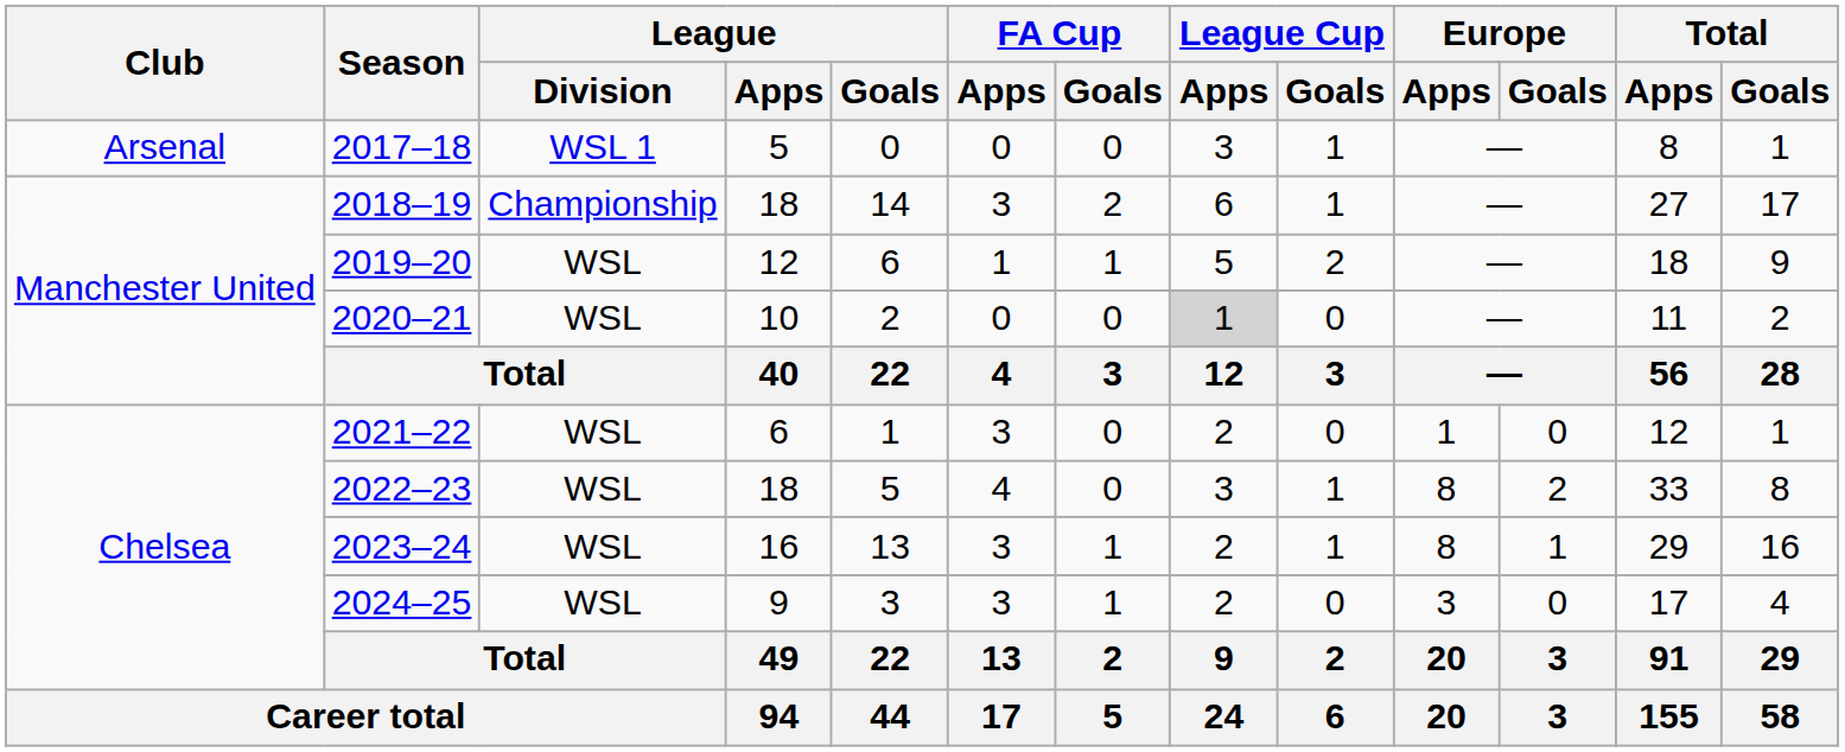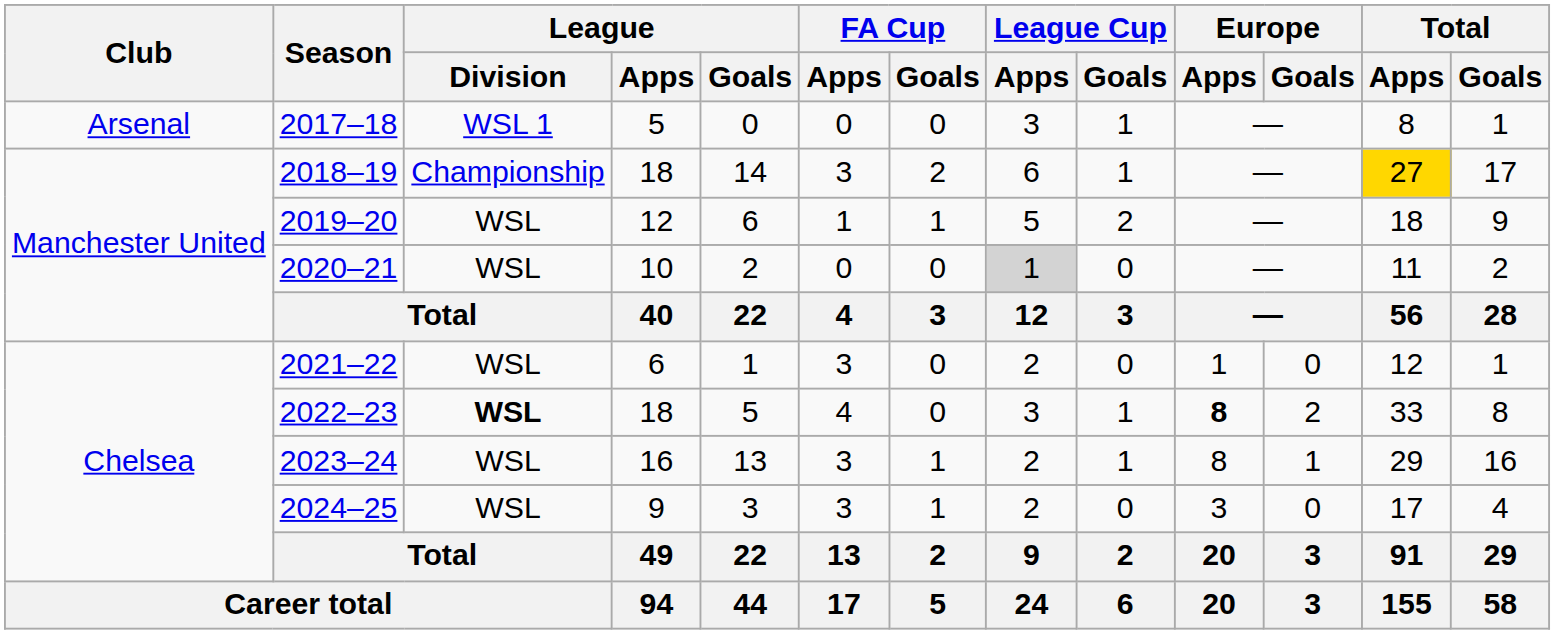 <table class="wikitable" style="text-align:center">
 <tr>
 <th rowspan="2">Club</th>
 <th rowspan="2">Season</th>
 <th colspan="3">League</th>
 <th colspan="2"><a href='#'>FA Cup</a></th>
 <th colspan="2"><a href='#'>League Cup</a></th>
 <th colspan="2">Europe</th>
 <th colspan="2">Total</th>
 </tr>
 <tr>
 <th>Division</th>
 <th>Apps</th>
 <th>Goals</th>
 <th>Apps</th>
 <th>Goals</th>
 <th>Apps</th>
 <th>Goals</th>
 <th>Apps</th>
 <th>Goals</th>
 <th>Apps</th>
 <th>Goals</th>
 </tr>
 <tr>
 <td><a href='#'>Arsenal</a></td>
 <td><a href='#'>2017–18</a></td>
 <td><a href='#'>WSL 1</a></td>
 <td>5</td>
 <td>0</td>
 <td>0</td>
 <td>0</td>
 <td>3</td>
 <td>1</td>
 <td colspan="2">—</td>
 <td>8</td>
 <td>1</td>
 </tr>
 <tr>
 <td rowspan="4"><a href='#'>Manchester United</a></td>
 <td><a href='#'>2018–19</a></td>
 <td><a href='#'>Championship</a></td>
 <td>18</td>
 <td>14</td>
 <td>3</td>
 <td>2</td>
 <td>6</td>
 <td>1</td>
 <td colspan="2">—</td>
-<td>27</td>
+<td style="background: gold;">27</td>
 <td>17</td>
 </tr>
 <tr>
 <td><a href='#'>2019–20</a></td>
 <td>WSL</td>
 <td>12</td>
 <td>6</td>
 <td>1</td>
 <td>1</td>
 <td>5</td>
 <td>2</td>
 <td colspan="2">—</td>
 <td>18</td>
 <td>9</td>
 </tr>
 <tr>
 <td><a href='#'>2020–21</a></td>
 <td>WSL</td>
 <td>10</td>
 <td>2</td>
 <td>0</td>
 <td>0</td>
 <td style="background: lightgrey;">1</td>
 <td>0</td>
 <td colspan="2">—</td>
 <td>11</td>
 <td>2</td>
 </tr>
 <tr>
 <th colspan="2">Total</th>
 <th>40</th>
 <th>22</th>
 <th>4</th>
 <th>3</th>
 <th>12</th>
 <th>3</th>
 <th colspan="2">—</th>
 <th>56</th>
 <th>28</th>
 </tr>
 <tr>
 <td rowspan="5"><a href='#'>Chelsea</a></td>
 <td><a href='#'>2021–22</a></td>
 <td>WSL</td>
 <td>6</td>
 <td>1</td>
 <td>3</td>
 <td>0</td>
 <td>2</td>
 <td>0</td>
 <td>1</td>
 <td>0</td>
 <td>12</td>
 <td>1</td>
 </tr>
 <tr>
 <td><a href='#'>2022–23</a></td>
-<td>WSL</td>
+<td><strong>WSL</strong></td>
 <td>18</td>
 <td>5</td>
 <td>4</td>
 <td>0</td>
 <td>3</td>
 <td>1</td>
-<td>8</td>
+<td><strong>8</strong></td>
 <td>2</td>
 <td>33</td>
 <td>8</td>
 </tr>
 <tr>
 <td><a href='#'>2023–24</a></td>
 <td>WSL</td>
 <td>16</td>
 <td>13</td>
 <td>3</td>
 <td>1</td>
 <td>2</td>
 <td>1</td>
 <td>8</td>
 <td>1</td>
 <td>29</td>
 <td>16</td>
 </tr>
 <tr>
 <td><a href='#'>2024–25</a></td>
 <td>WSL</td>
 <td>9</td>
 <td>3</td>
 <td>3</td>
 <td>1</td>
 <td>2</td>
 <td>0</td>
 <td>3</td>
 <td>0</td>
 <td>17</td>
 <td>4</td>
 </tr>
 <tr>
 <th colspan="2">Total</th>
 <th>49</th>
 <th>22</th>
 <th>13</th>
 <th>2</th>
 <th>9</th>
 <th>2</th>
 <th>20</th>
 <th>3</th>
 <th>91</th>
 <th>29</th>
 </tr>
 <tr>
 <th colspan="3">Career total</th>
 <th>94</th>
 <th>44</th>
 <th>17</th>
 <th>5</th>
 <th>24</th>
 <th>6</th>
 <th>20</th>
 <th>3</th>
 <th>155</th>
 <th>58</th>
 </tr>
 </table>
